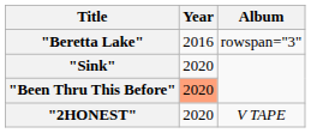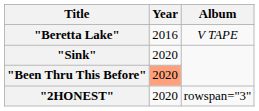 <table class="wikitable plainrowheaders" style="text-align:center;">
 <tr>
 <th scope="col">Title</th>
 <th scope="col">Year</th>
 <th scope="col">Album</th>
 </tr>
 <tr>
 <th scope="row">"Beretta Lake"<br></th>
 <td>2016</td>
-<td>rowspan="3" </td>
+<td><em>V TAPE</em></td>
 </tr>
 <tr>
 <th scope="row">"Sink"<br></th>
 <td>2020</td>
 </tr>
 <tr>
 <th scope="row">"Been Thru This Before"<br></th>
 <td style="background: lightsalmon;">2020</td>
 </tr>
 <tr>
 <th scope="row">"2HONEST"<br></th>
 <td>2020</td>
-<td><em>V TAPE</em></td>
+<td>rowspan="3" </td>
 </tr>
 </table>
